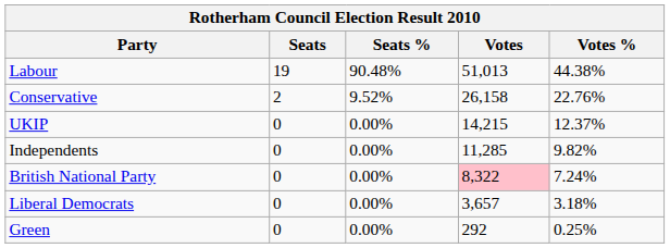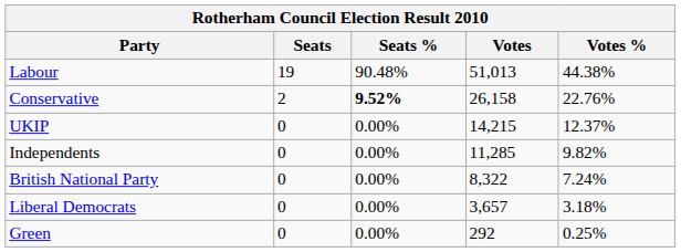 <table class="wikitable" border="1" style="margin: 1em auto 1em auto;" width="50%">
 <tr>
 <th colspan="5">Rotherham Council Election Result 2010</th>
 </tr>
 <tr>
 <th>Party</th>
 <th>Seats</th>
 <th>Seats %</th>
 <th>Votes</th>
 <th>Votes %</th>
 </tr>
 <tr>
 <td><a href='#'>Labour</a></td>
 <td>19</td>
 <td>90.48%</td>
 <td>51,013</td>
 <td>44.38%</td>
 </tr>
 <tr>
 <td><a href='#'>Conservative</a></td>
 <td>2</td>
-<td>9.52%</td>
+<td><strong>9.52%</strong></td>
 <td>26,158</td>
 <td>22.76%</td>
 </tr>
 <tr>
 <td><a href='#'>UKIP</a></td>
 <td>0</td>
 <td>0.00%</td>
 <td>14,215</td>
 <td>12.37%</td>
 </tr>
 <tr>
 <td>Independents</td>
 <td>0</td>
 <td>0.00%</td>
 <td>11,285</td>
 <td>9.82%</td>
 </tr>
 <tr>
 <td><a href='#'>British National Party</a></td>
 <td>0</td>
 <td>0.00%</td>
-<td style="background: pink;">8,322</td>
+<td>8,322</td>
 <td>7.24%</td>
 </tr>
 <tr>
 <td><a href='#'>Liberal Democrats</a></td>
 <td>0</td>
 <td>0.00%</td>
 <td>3,657</td>
 <td>3.18%</td>
 </tr>
 <tr>
 <td><a href='#'>Green</a></td>
 <td>0</td>
 <td>0.00%</td>
 <td>292</td>
 <td>0.25%</td>
 </tr>
 </table>
